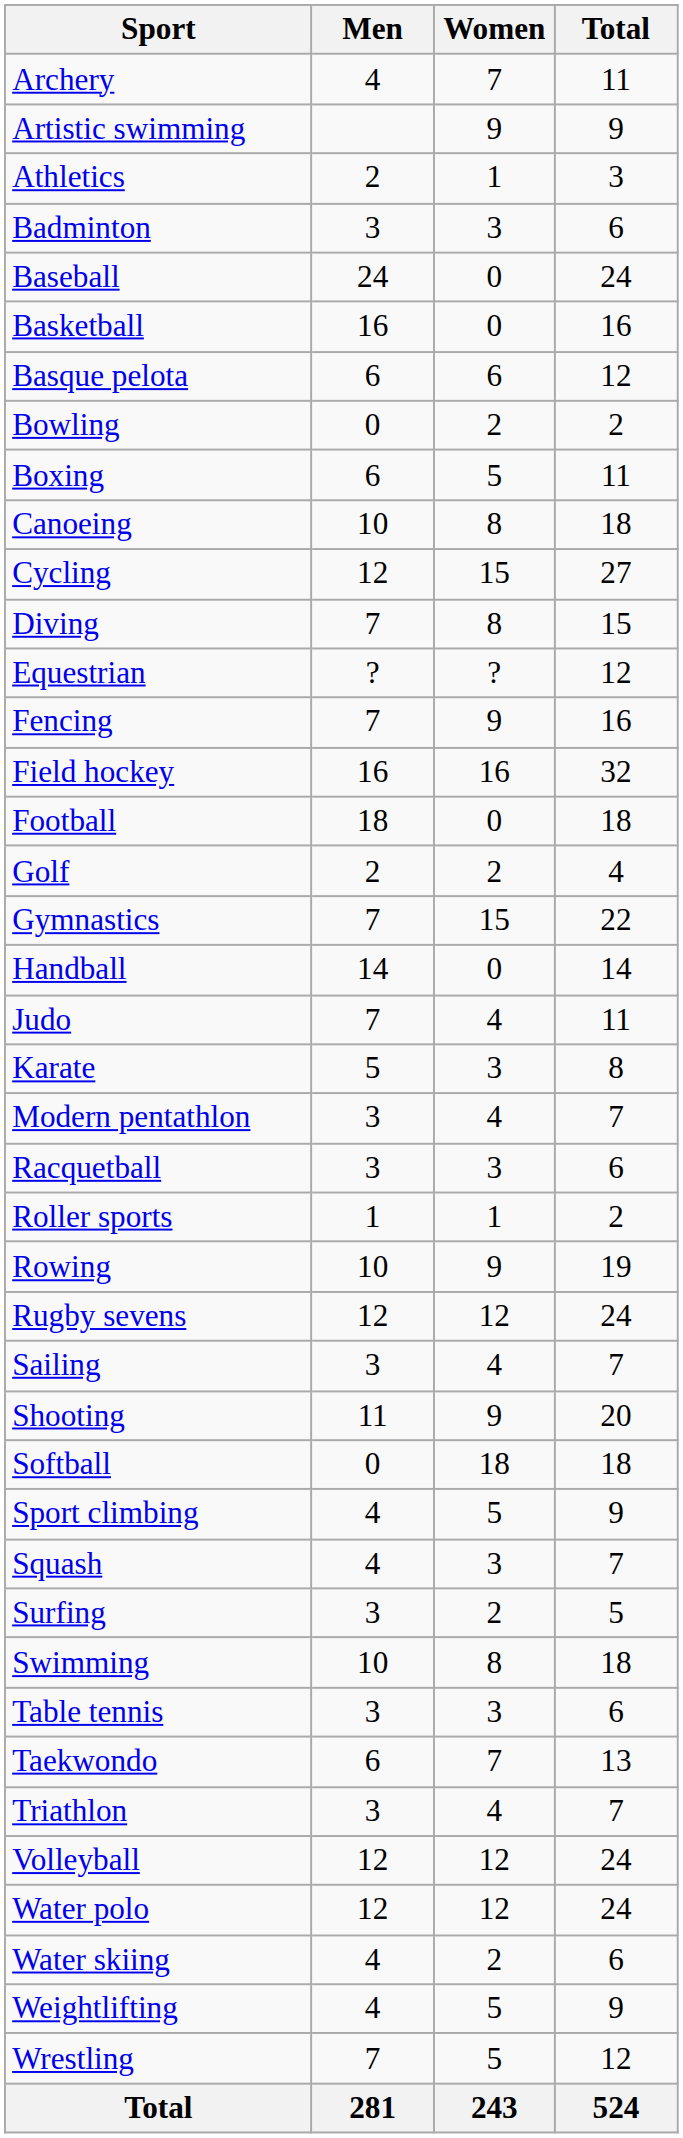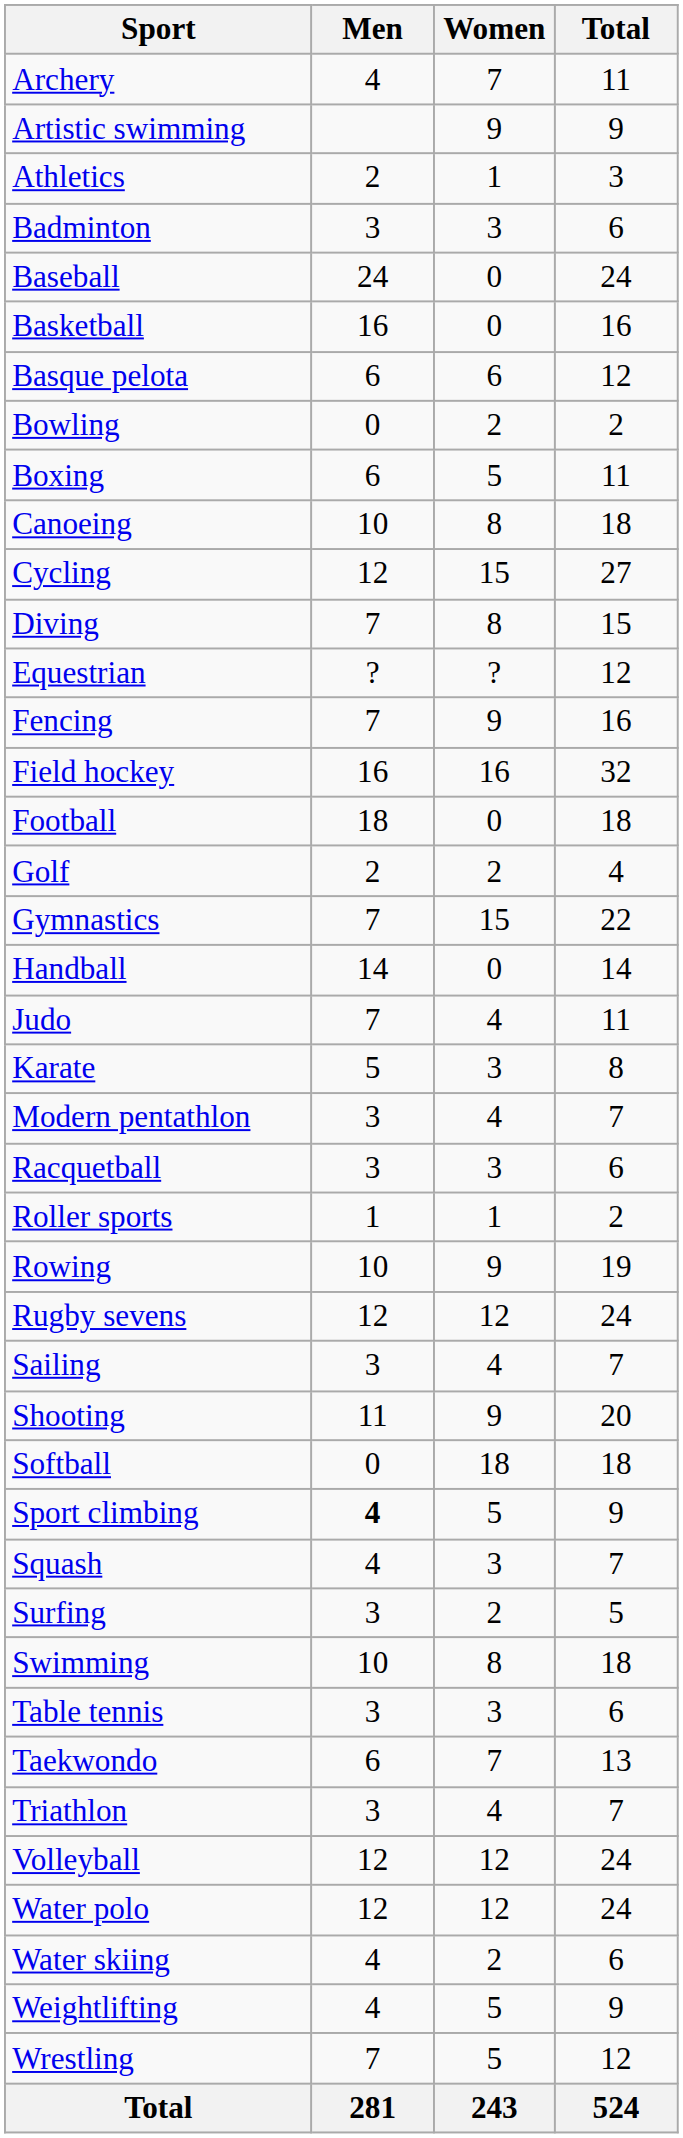 <table class="wikitable sortable" style="text-align:center;">
 <tr>
 <th width=150>Sport</th>
 <th width=55>Men</th>
 <th width=55>Women</th>
 <th width=55>Total</th>
 </tr>
 <tr>
 <td align=left><a href='#'>Archery</a></td>
 <td>4</td>
 <td>7</td>
 <td>11</td>
 </tr>
 <tr>
 <td align=left><a href='#'>Artistic swimming</a></td>
 <td></td>
 <td>9</td>
 <td>9</td>
 </tr>
 <tr>
 <td align=left><a href='#'>Athletics</a></td>
 <td>2</td>
 <td>1</td>
 <td>3</td>
 </tr>
 <tr>
 <td align=left><a href='#'>Badminton</a></td>
 <td>3</td>
 <td>3</td>
 <td>6</td>
 </tr>
 <tr>
 <td align=left><a href='#'>Baseball</a></td>
 <td>24</td>
 <td>0</td>
 <td>24</td>
 </tr>
 <tr>
 <td align=left><a href='#'>Basketball</a></td>
 <td>16</td>
 <td>0</td>
 <td>16</td>
 </tr>
 <tr>
 <td align=left><a href='#'>Basque pelota</a></td>
 <td>6</td>
 <td>6</td>
 <td>12</td>
 </tr>
 <tr>
 <td align=left><a href='#'>Bowling</a></td>
 <td>0</td>
 <td>2</td>
 <td>2</td>
 </tr>
 <tr>
 <td align=left><a href='#'>Boxing</a></td>
 <td>6</td>
 <td>5</td>
 <td>11</td>
 </tr>
 <tr>
 <td align=left><a href='#'>Canoeing</a></td>
 <td>10</td>
 <td>8</td>
 <td>18</td>
 </tr>
 <tr>
 <td align=left><a href='#'>Cycling</a></td>
 <td>12</td>
 <td>15</td>
 <td>27</td>
 </tr>
 <tr>
 <td align=left><a href='#'>Diving</a></td>
 <td>7</td>
 <td>8</td>
 <td>15</td>
 </tr>
 <tr>
 <td align=left><a href='#'>Equestrian</a></td>
 <td>?</td>
 <td>?</td>
 <td>12</td>
 </tr>
 <tr>
 <td align=left><a href='#'>Fencing</a></td>
 <td>7</td>
 <td>9</td>
 <td>16</td>
 </tr>
 <tr>
 <td align=left><a href='#'>Field hockey</a></td>
 <td>16</td>
 <td>16</td>
 <td>32</td>
 </tr>
 <tr>
 <td align=left><a href='#'>Football</a></td>
 <td>18</td>
 <td>0</td>
 <td>18</td>
 </tr>
 <tr>
 <td align=left><a href='#'>Golf</a></td>
 <td>2</td>
 <td>2</td>
 <td>4</td>
 </tr>
 <tr>
 <td align=left><a href='#'>Gymnastics</a></td>
 <td>7</td>
 <td>15</td>
 <td>22</td>
 </tr>
 <tr>
 <td align=left><a href='#'>Handball</a></td>
 <td>14</td>
 <td>0</td>
 <td>14</td>
 </tr>
 <tr>
 <td align=left><a href='#'>Judo</a></td>
 <td>7</td>
 <td>4</td>
 <td>11</td>
 </tr>
 <tr>
 <td align=left><a href='#'>Karate</a></td>
 <td>5</td>
 <td>3</td>
 <td>8</td>
 </tr>
 <tr>
 <td align=left><a href='#'>Modern pentathlon</a></td>
 <td>3</td>
 <td>4</td>
 <td>7</td>
 </tr>
 <tr>
 <td align=left><a href='#'>Racquetball</a></td>
 <td>3</td>
 <td>3</td>
 <td>6</td>
 </tr>
 <tr>
 <td align=left><a href='#'>Roller sports</a></td>
 <td>1</td>
 <td>1</td>
 <td>2</td>
 </tr>
 <tr>
 <td align=left><a href='#'>Rowing</a></td>
 <td>10</td>
 <td>9</td>
 <td>19</td>
 </tr>
 <tr>
 <td align=left><a href='#'>Rugby sevens</a></td>
 <td>12</td>
 <td>12</td>
 <td>24</td>
 </tr>
 <tr>
 <td align=left><a href='#'>Sailing</a></td>
 <td>3</td>
 <td>4</td>
 <td>7</td>
 </tr>
 <tr>
 <td align=left><a href='#'>Shooting</a></td>
 <td>11</td>
 <td>9</td>
 <td>20</td>
 </tr>
 <tr>
 <td align=left><a href='#'>Softball</a></td>
 <td>0</td>
 <td>18</td>
 <td>18</td>
 </tr>
 <tr>
 <td align=left><a href='#'>Sport climbing</a></td>
-<td>4</td>
+<td><strong>4</strong></td>
 <td>5</td>
 <td>9</td>
 </tr>
 <tr>
 <td align=left><a href='#'>Squash</a></td>
 <td>4</td>
 <td>3</td>
 <td>7</td>
 </tr>
 <tr>
 <td align=left><a href='#'>Surfing</a></td>
 <td>3</td>
 <td>2</td>
 <td>5</td>
 </tr>
 <tr>
 <td align=left><a href='#'>Swimming</a></td>
 <td>10</td>
 <td>8</td>
 <td>18</td>
 </tr>
 <tr>
 <td align=left><a href='#'>Table tennis</a></td>
 <td>3</td>
 <td>3</td>
 <td>6</td>
 </tr>
 <tr>
 <td align=left><a href='#'>Taekwondo</a></td>
 <td>6</td>
 <td>7</td>
 <td>13</td>
 </tr>
 <tr>
 <td align=left><a href='#'>Triathlon</a></td>
 <td>3</td>
 <td>4</td>
 <td>7</td>
 </tr>
 <tr>
 <td align=left><a href='#'>Volleyball</a></td>
 <td>12</td>
 <td>12</td>
 <td>24</td>
 </tr>
 <tr>
 <td align=left><a href='#'>Water polo</a></td>
 <td>12</td>
 <td>12</td>
 <td>24</td>
 </tr>
 <tr>
 <td align=left><a href='#'>Water skiing</a></td>
 <td>4</td>
 <td>2</td>
 <td>6</td>
 </tr>
 <tr>
 <td align=left><a href='#'>Weightlifting</a></td>
 <td>4</td>
 <td>5</td>
 <td>9</td>
 </tr>
 <tr>
 <td align=left><a href='#'>Wrestling</a></td>
 <td>7</td>
 <td>5</td>
 <td>12</td>
 </tr>
 <tr>
 <th>Total</th>
 <th>281</th>
 <th>243</th>
 <th>524</th>
 </tr>
 </table>
